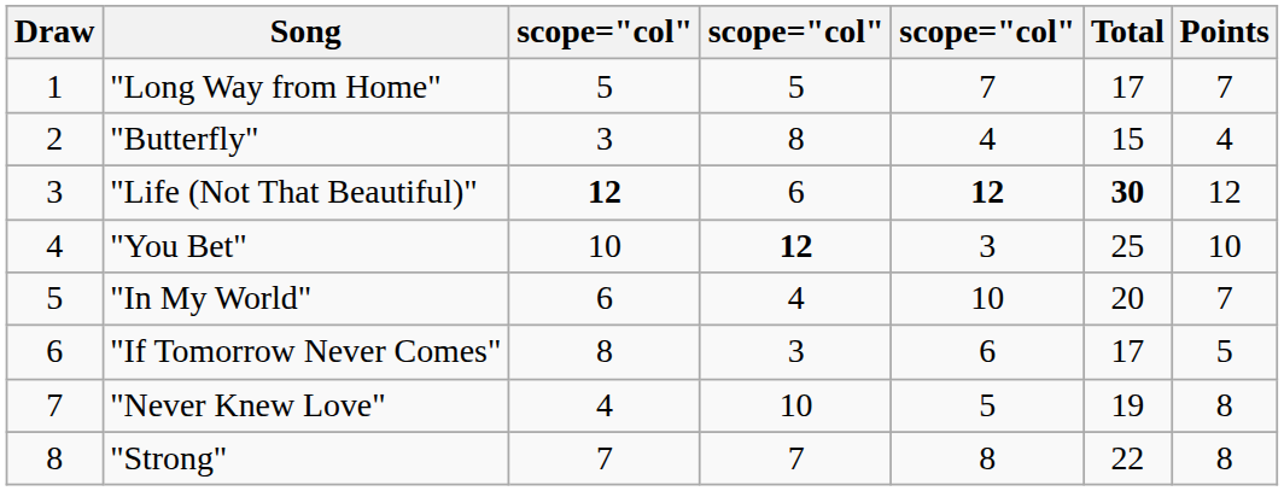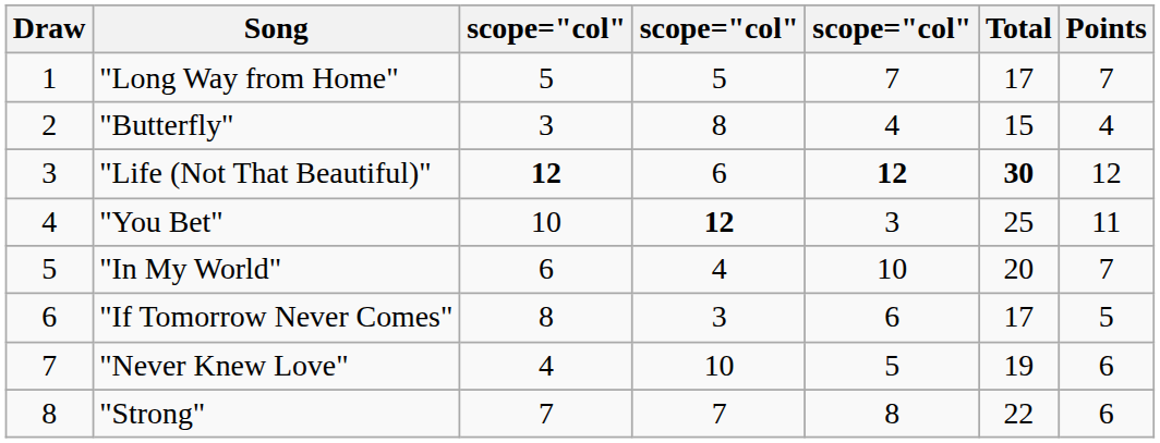 <table class="wikitable collapsible" style="margin: 1em auto 1em auto; text-align:center;">
 <tr>
 <th>Draw</th>
 <th>Song</th>
 <th>scope="col" </th>
 <th>scope="col" </th>
 <th>scope="col" </th>
 <th>Total</th>
 <th>Points</th>
 </tr>
 <tr>
 <td>1</td>
 <td align="left">"Long Way from Home"</td>
 <td>5</td>
 <td>5</td>
 <td>7</td>
 <td>17</td>
 <td>7</td>
 </tr>
 <tr>
 <td>2</td>
 <td align="left">"Butterfly"</td>
 <td>3</td>
 <td>8</td>
 <td>4</td>
 <td>15</td>
 <td>4</td>
 </tr>
 <tr>
 <td>3</td>
 <td align="left">"Life (Not That Beautiful)"</td>
 <td><strong>12</strong></td>
 <td>6</td>
 <td><strong>12</strong></td>
 <td><strong>30</strong></td>
 <td>12</td>
 </tr>
 <tr>
 <td>4</td>
 <td align="left">"You Bet"</td>
 <td>10</td>
 <td><strong>12</strong></td>
 <td>3</td>
 <td>25</td>
-<td>10</td>
+<td>11</td>
 </tr>
 <tr>
 <td>5</td>
 <td align="left">"In My World"</td>
 <td>6</td>
 <td>4</td>
 <td>10</td>
 <td>20</td>
 <td>7</td>
 </tr>
 <tr>
 <td>6</td>
 <td align="left">"If Tomorrow Never Comes"</td>
 <td>8</td>
 <td>3</td>
 <td>6</td>
 <td>17</td>
 <td>5</td>
 </tr>
 <tr>
 <td>7</td>
 <td align="left">"Never Knew Love"</td>
 <td>4</td>
 <td>10</td>
 <td>5</td>
 <td>19</td>
-<td>8</td>
+<td>6</td>
 </tr>
 <tr>
 <td>8</td>
 <td align="left">"Strong"</td>
 <td>7</td>
 <td>7</td>
 <td>8</td>
 <td>22</td>
-<td>8</td>
+<td>6</td>
 </tr>
 </table>
